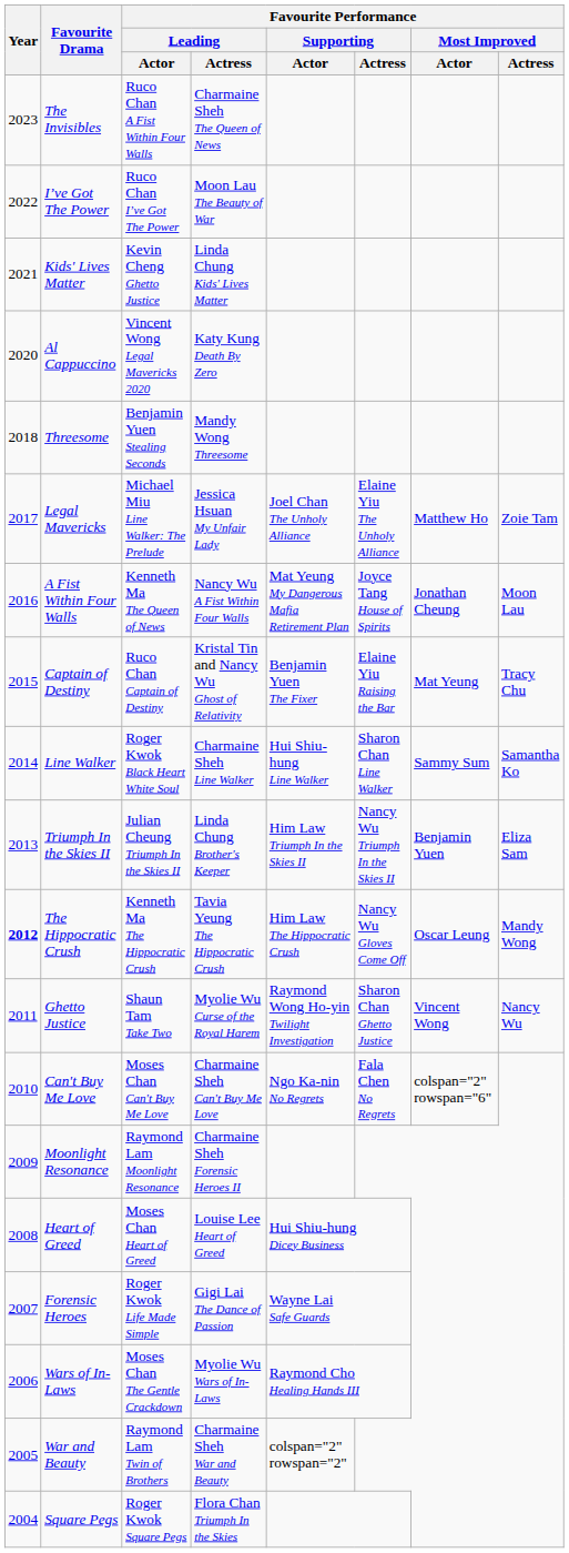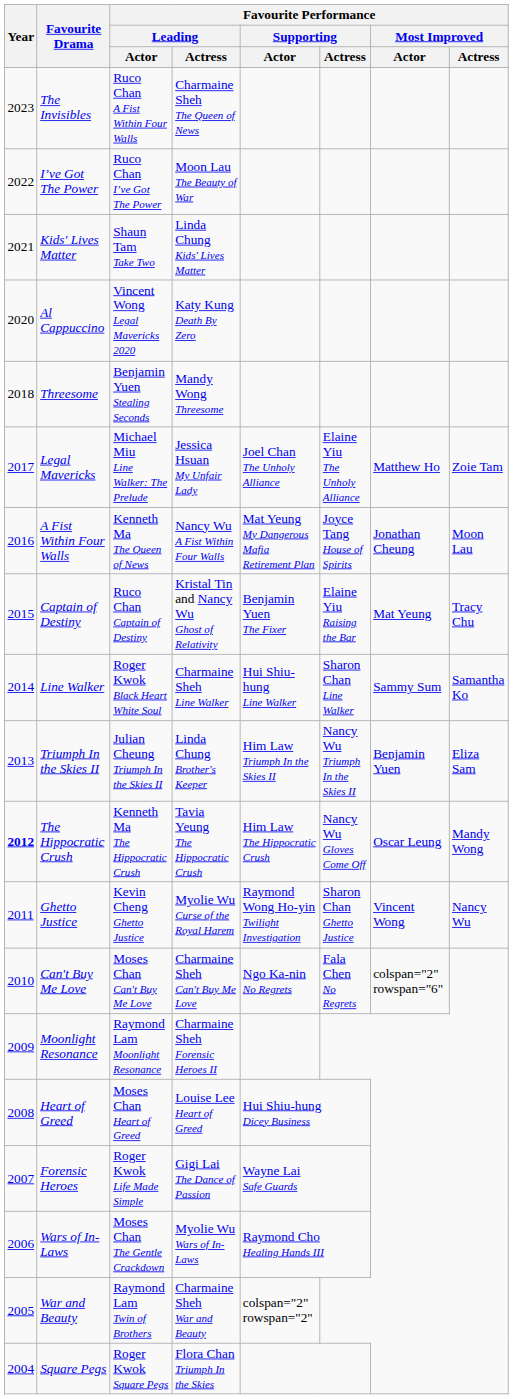 <table class="wikitable">
 <tr>
 <th rowspan="3">Year</th>
 <th rowspan="3"><a href='#'>Favourite Drama</a></th>
 <th colspan="6">Favourite Performance</th>
 </tr>
 <tr>
 <th colspan="2"><a href='#'>Leading</a></th>
 <th colspan="2"><a href='#'>Supporting</a></th>
 <th colspan="2"><a href='#'>Most Improved</a></th>
 </tr>
 <tr>
 <th>Actor</th>
 <th>Actress</th>
 <th>Actor</th>
 <th>Actress</th>
 <th>Actor</th>
 <th>Actress</th>
 </tr>
 <tr>
 <td>2023</td>
 <td><em><a href='#'>The Invisibles</a></em></td>
 <td><a href='#'>Ruco Chan</a><br><small><em><a href='#'>A Fist Within Four Walls</a></em></small></td>
 <td><a href='#'>Charmaine Sheh</a><br><small><em><a href='#'>The Queen of News</a></em></small></td>
 <td></td>
 <td></td>
 <td></td>
 <td></td>
 </tr>
 <tr>
 <td>2022</td>
 <td><em><a href='#'>I’ve Got The Power</a></em></td>
 <td><a href='#'>Ruco Chan</a><br><small><em><a href='#'>I’ve Got The Power</a></em></small></td>
 <td><a href='#'>Moon Lau</a><br><small><em><a href='#'>The Beauty of War</a></em></small></td>
 <td></td>
 <td></td>
 <td></td>
 <td></td>
 </tr>
 <tr>
 <td>2021</td>
 <td><em><a href='#'>Kids' Lives Matter</a></em></td>
-<td><a href='#'>Kevin Cheng</a><br><small><em><a href='#'>Ghetto Justice</a></em></small></td>
+<td><a href='#'>Shaun Tam</a><br><small><em><a href='#'>Take Two</a></em></small></td>
 <td><a href='#'>Linda Chung</a><br><small><em><a href='#'>Kids' Lives Matter</a></em></small></td>
 <td></td>
 <td></td>
 <td></td>
 <td></td>
 </tr>
 <tr>
 <td>2020</td>
 <td><em><a href='#'>Al Cappuccino</a></em></td>
 <td><a href='#'>Vincent Wong</a><br><small><em><a href='#'>Legal Mavericks 2020</a></em></small></td>
 <td><a href='#'>Katy Kung</a><br><small><em><a href='#'>Death By Zero</a></em></small></td>
 <td></td>
 <td></td>
 <td></td>
 <td></td>
 </tr>
 <tr>
 <td>2018</td>
 <td><em><a href='#'>Threesome</a></em></td>
 <td><a href='#'>Benjamin Yuen</a><br><small><em><a href='#'>Stealing Seconds</a></em></small></td>
 <td><a href='#'>Mandy Wong</a><br><small><em><a href='#'>Threesome</a></em></small></td>
 <td></td>
 <td></td>
 <td></td>
 <td></td>
 </tr>
 <tr>
 <td><a href='#'>2017</a></td>
 <td><em><a href='#'>Legal Mavericks</a></em></td>
 <td><a href='#'>Michael Miu</a><br><small><em><a href='#'>Line Walker: The Prelude</a></em></small></td>
 <td><a href='#'>Jessica Hsuan</a><br><small><em><a href='#'>My Unfair Lady</a></em></small></td>
 <td><a href='#'>Joel Chan</a><br><small><em><a href='#'>The Unholy Alliance</a></em></small></td>
 <td><a href='#'>Elaine Yiu</a><br><small><em><a href='#'>The Unholy Alliance</a></em></small></td>
 <td><a href='#'>Matthew Ho</a></td>
 <td><a href='#'>Zoie Tam</a></td>
 </tr>
 <tr>
 <td><a href='#'>2016</a></td>
 <td><em><a href='#'>A Fist Within Four Walls</a></em></td>
 <td><a href='#'>Kenneth Ma</a><br><small><em><a href='#'>The Queen of News</a></em></small></td>
 <td><a href='#'>Nancy Wu</a><br><small><em><a href='#'>A Fist Within Four Walls</a></em></small></td>
 <td><a href='#'>Mat Yeung</a><br><small><em><a href='#'>My Dangerous Mafia Retirement Plan</a></em></small></td>
 <td><a href='#'>Joyce Tang</a><br><small><em><a href='#'>House of Spirits</a></em></small></td>
 <td><a href='#'>Jonathan Cheung</a></td>
 <td><a href='#'>Moon Lau</a></td>
 </tr>
 <tr>
 <td><a href='#'>2015</a></td>
 <td><em><a href='#'>Captain of Destiny</a></em></td>
 <td><a href='#'>Ruco Chan</a><br><small><em><a href='#'>Captain of Destiny</a></em></small></td>
 <td><a href='#'>Kristal Tin</a> and <a href='#'>Nancy Wu</a><br><small><em><a href='#'>Ghost of Relativity</a></em></small></td>
 <td><a href='#'>Benjamin Yuen</a><br><small><em><a href='#'>The Fixer</a></em></small></td>
 <td><a href='#'>Elaine Yiu</a><br><small><em><a href='#'>Raising the Bar</a></em></small></td>
 <td><a href='#'>Mat Yeung</a></td>
 <td><a href='#'>Tracy Chu</a></td>
 </tr>
 <tr>
 <td><a href='#'>2014</a></td>
 <td><em><a href='#'>Line Walker</a></em></td>
 <td><a href='#'>Roger Kwok</a><br><small><em><a href='#'>Black Heart White Soul</a></em></small></td>
 <td><a href='#'>Charmaine Sheh</a><br><small><em><a href='#'>Line Walker</a></em></small></td>
 <td><a href='#'>Hui Shiu-hung</a><br><small><em><a href='#'>Line Walker</a></em></small></td>
 <td><a href='#'>Sharon Chan</a><br><small><em><a href='#'>Line Walker</a></em></small></td>
 <td><a href='#'>Sammy Sum</a></td>
 <td><a href='#'>Samantha Ko</a></td>
 </tr>
 <tr>
 <td><a href='#'>2013</a></td>
 <td><em><a href='#'>Triumph In the Skies II</a></em></td>
 <td><a href='#'>Julian Cheung</a><br><small><em><a href='#'>Triumph In the Skies II</a></em></small></td>
 <td><a href='#'>Linda Chung</a><br><small><em><a href='#'>Brother's Keeper</a></em></small></td>
 <td><a href='#'>Him Law</a><br><small><em><a href='#'>Triumph In the Skies II</a></em></small></td>
 <td><a href='#'>Nancy Wu</a><br><small><em><a href='#'>Triumph In the Skies II</a></em></small></td>
 <td><a href='#'>Benjamin Yuen</a></td>
 <td><a href='#'>Eliza Sam</a></td>
 </tr>
 <tr>
 <td><strong><a href='#'>2012</a></strong></td>
 <td><em><a href='#'>The Hippocratic Crush</a></em></td>
 <td><a href='#'>Kenneth Ma</a><br><small><em><a href='#'>The Hippocratic Crush</a></em></small></td>
 <td><a href='#'>Tavia Yeung</a><br><small><em><a href='#'>The Hippocratic Crush</a></em></small></td>
 <td><a href='#'>Him Law</a><br><small><em><a href='#'>The Hippocratic Crush</a></em></small></td>
 <td><a href='#'>Nancy Wu</a><br><small><em><a href='#'>Gloves Come Off</a></em></small></td>
 <td><a href='#'>Oscar Leung</a></td>
 <td><a href='#'>Mandy Wong</a></td>
 </tr>
 <tr>
 <td><a href='#'>2011</a></td>
 <td><em><a href='#'>Ghetto Justice</a></em></td>
-<td><a href='#'>Shaun Tam</a><br><small><em><a href='#'>Take Two</a></em></small></td>
+<td><a href='#'>Kevin Cheng</a><br><small><em><a href='#'>Ghetto Justice</a></em></small></td>
 <td><a href='#'>Myolie Wu</a><br><small><em><a href='#'>Curse of the Royal Harem</a></em></small></td>
 <td><a href='#'>Raymond Wong Ho-yin</a><br><small><em><a href='#'>Twilight Investigation</a></em></small></td>
 <td><a href='#'>Sharon Chan</a><br><small><em><a href='#'>Ghetto Justice</a></em></small></td>
 <td><a href='#'>Vincent Wong</a></td>
 <td><a href='#'>Nancy Wu</a></td>
 </tr>
 <tr>
 <td><a href='#'>2010</a></td>
 <td><em><a href='#'>Can't Buy Me Love</a></em></td>
 <td><a href='#'>Moses Chan</a><br><small><em><a href='#'>Can't Buy Me Love</a></em></small></td>
 <td><a href='#'>Charmaine Sheh</a><br><small><em><a href='#'>Can't Buy Me Love</a></em></small></td>
 <td><a href='#'>Ngo Ka-nin</a><br><small><em><a href='#'>No Regrets</a></em></small></td>
 <td><a href='#'>Fala Chen</a><br><small><em><a href='#'>No Regrets</a></em></small></td>
 <td>colspan="2" rowspan="6" </td>
 </tr>
 <tr>
 <td><a href='#'>2009</a></td>
 <td><em><a href='#'>Moonlight Resonance</a></em></td>
 <td><a href='#'>Raymond Lam</a><br><small><em><a href='#'>Moonlight Resonance</a></em></small></td>
 <td><a href='#'>Charmaine Sheh</a><br><small><em><a href='#'>Forensic Heroes II</a></em></small></td>
 <td></td>
 </tr>
 <tr>
 <td><a href='#'>2008</a></td>
 <td><em><a href='#'>Heart of Greed</a></em></td>
 <td><a href='#'>Moses Chan</a><br><small><em><a href='#'>Heart of Greed</a></em></small></td>
 <td><a href='#'>Louise Lee</a><br><small><em><a href='#'>Heart of Greed</a></em></small></td>
 <td colspan="2"><a href='#'>Hui Shiu-hung</a><br><small><em><a href='#'>Dicey Business</a></em></small></td>
 </tr>
 <tr>
 <td><a href='#'>2007</a></td>
 <td><em><a href='#'>Forensic Heroes</a></em></td>
 <td><a href='#'>Roger Kwok</a><br><small><em><a href='#'>Life Made Simple</a></em></small></td>
 <td><a href='#'>Gigi Lai</a><br><small><em><a href='#'>The Dance of Passion</a></em></small></td>
 <td colspan="2"><a href='#'>Wayne Lai</a><br><small><em><a href='#'>Safe Guards</a></em></small></td>
 </tr>
 <tr>
 <td><a href='#'>2006</a></td>
 <td><em><a href='#'>Wars of In-Laws</a></em></td>
 <td><a href='#'>Moses Chan</a><br><small><em><a href='#'>The Gentle Crackdown</a></em></small></td>
 <td><a href='#'>Myolie Wu</a><br><small><em><a href='#'>Wars of In-Laws</a></em></small></td>
 <td colspan="2"><a href='#'>Raymond Cho</a><br><small><em><a href='#'>Healing Hands III</a></em></small></td>
 </tr>
 <tr>
 <td><a href='#'>2005</a></td>
 <td><em><a href='#'>War and Beauty</a></em></td>
 <td><a href='#'>Raymond Lam</a><br><small><em><a href='#'>Twin of Brothers</a></em></small></td>
 <td><a href='#'>Charmaine Sheh</a><br><small><em><a href='#'>War and Beauty</a></em></small></td>
 <td>colspan="2" rowspan="2" </td>
 </tr>
 <tr>
 <td><a href='#'>2004</a></td>
 <td><em><a href='#'>Square Pegs</a></em></td>
 <td><a href='#'>Roger Kwok</a><br><small><em><a href='#'>Square Pegs</a></em></small></td>
 <td><a href='#'>Flora Chan</a><br><small><em><a href='#'>Triumph In the Skies</a></em></small></td>
 <td colspan="2"></td>
 </tr>
 </table>
